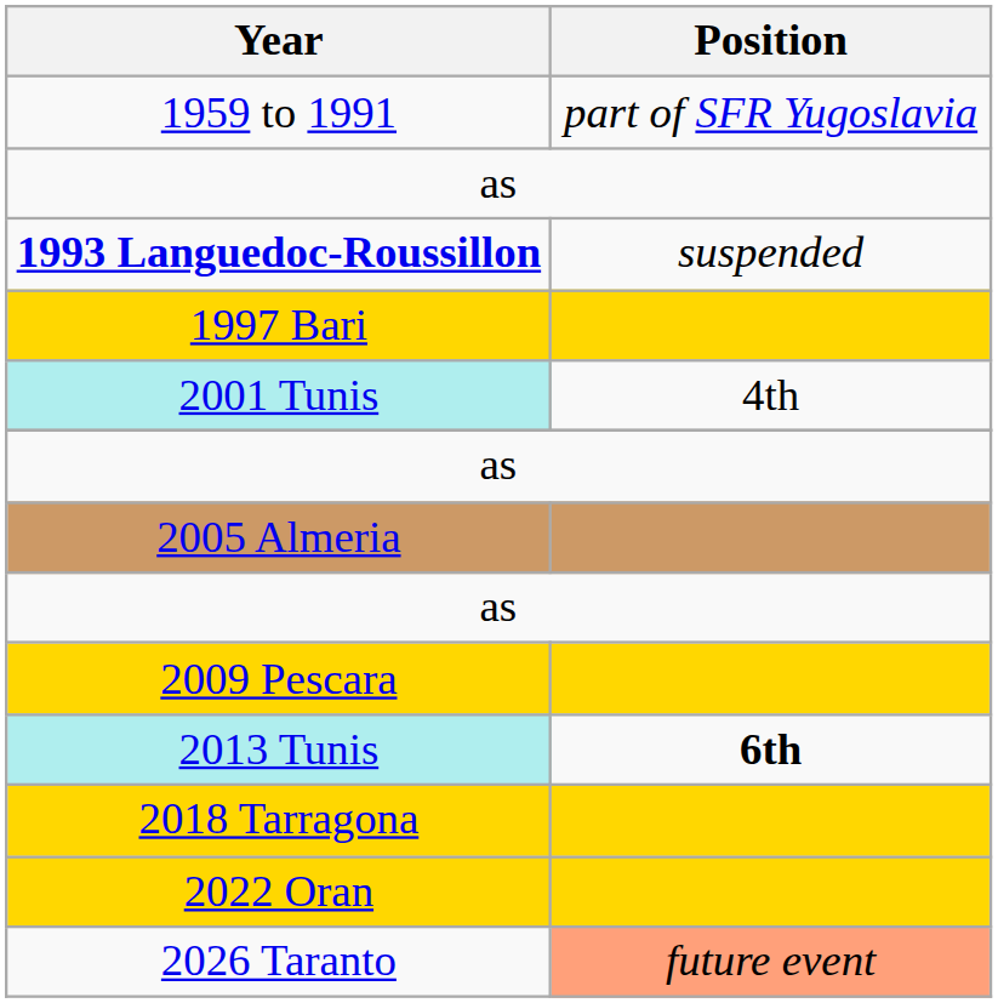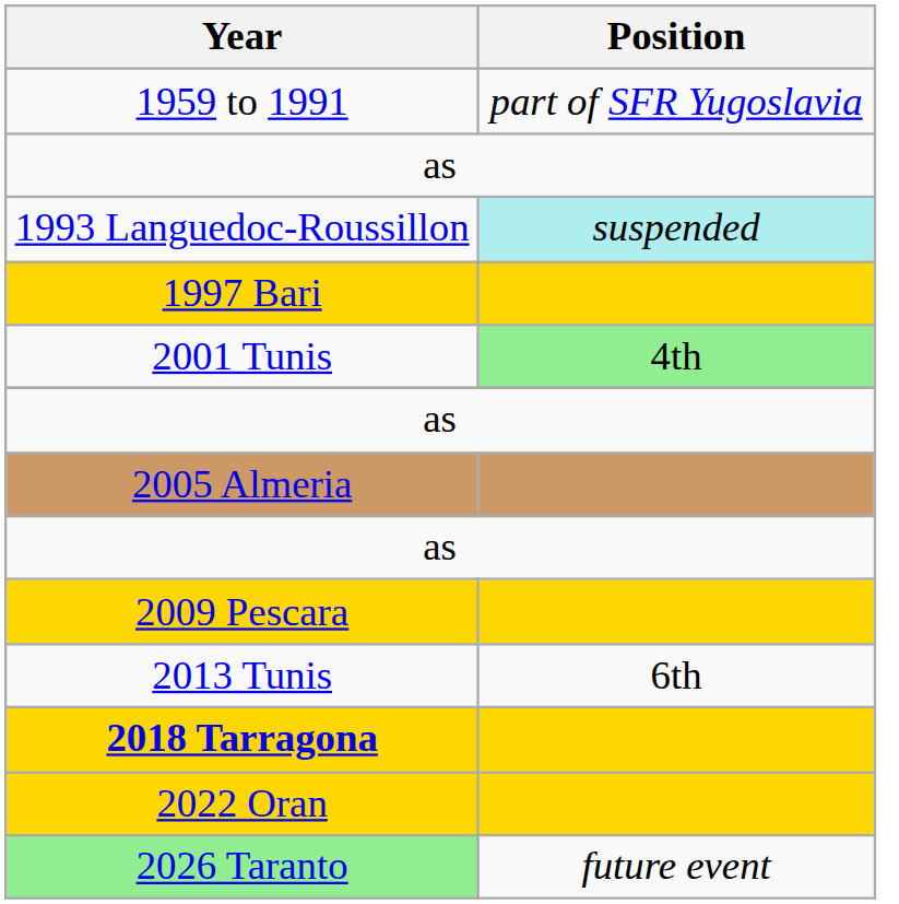 <table class="wikitable" style="text-align: center;">
 <tr>
 <th>Year</th>
 <th width="150">Position</th>
 </tr>
 <tr>
 <td style="text-align: middle; "><a href='#'>1959</a> to <a href='#'>1991</a></td>
 <td colspan=4><em>part of <a href='#'>SFR Yugoslavia</a></em></td>
 </tr>
 <tr>
 <td colspan=5>as <strong></strong></td>
 </tr>
 <tr>
-<td><strong> <a href='#'>1993 Languedoc-Roussillon</a></strong></td>
-<td><em>suspended</em></td>
+<td> <a href='#'>1993 Languedoc-Roussillon</a></td>
+<td style="background: paleturquoise;"><em>suspended</em></td>
 </tr>
 <tr bgcolor=gold>
 <td> <a href='#'>1997 Bari</a></td>
 <td></td>
 </tr>
 <tr>
-<td style="background: paleturquoise;"> <a href='#'>2001 Tunis</a></td>
-<td>4th</td>
+<td> <a href='#'>2001 Tunis</a></td>
+<td style="background: lightgreen;">4th</td>
 </tr>
 <tr bgcolor=cc9966>
 </tr>
 <tr>
 <td colspan=5>as <strong></strong></td>
 </tr>
 <tr bgcolor=cc9966>
 <td> <a href='#'>2005 Almeria</a></td>
 <td></td>
 </tr>
 <tr>
 <td colspan=5>as <strong></strong></td>
 </tr>
 <tr bgcolor=gold>
 <td> <a href='#'>2009 Pescara</a></td>
 <td></td>
 </tr>
 <tr>
-<td style="background: paleturquoise;"> <a href='#'>2013 Tunis</a></td>
-<td><strong>6th</strong></td>
+<td> <a href='#'>2013 Tunis</a></td>
+<td>6th</td>
 </tr>
 <tr bgcolor=gold>
-<td> <a href='#'>2018 Tarragona</a></td>
+<td><strong> <a href='#'>2018 Tarragona</a></strong></td>
 <td></td>
 </tr>
 <tr bgcolor=gold>
 <td> <a href='#'>2022 Oran</a></td>
 <td></td>
 </tr>
 <tr>
-<td> <a href='#'>2026 Taranto</a></td>
-<td style="background: lightsalmon;"><em>future event</em></td>
+<td style="background: lightgreen;"> <a href='#'>2026 Taranto</a></td>
+<td><em>future event</em></td>
 </tr>
 </table>
